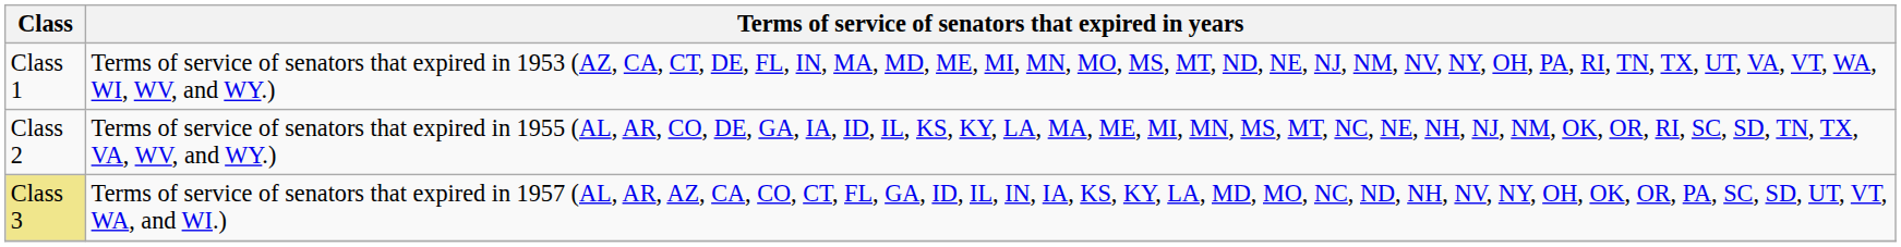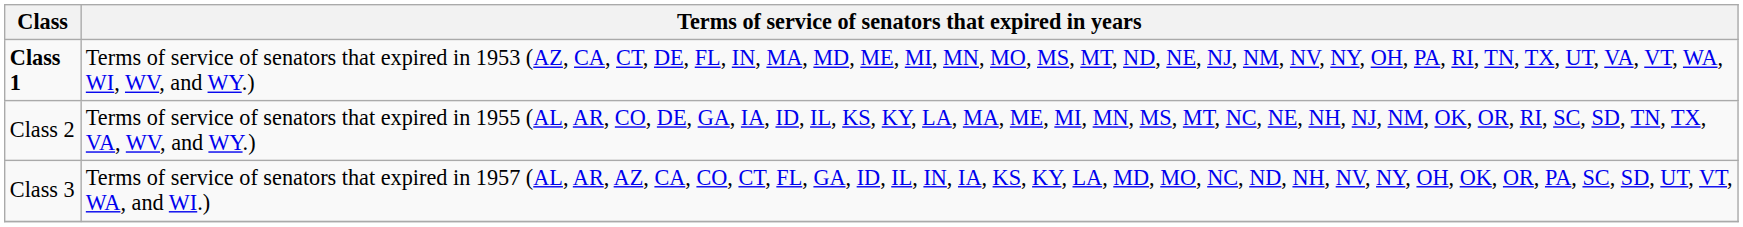 <table class="wikitable sortable">
 <tr valign=bottom>
 <th>Class</th>
 <th>Terms of service of senators that expired in years</th>
 </tr>
 <tr>
-<td>Class 1</td>
+<td><strong>Class 1</strong></td>
 <td>Terms of service of senators that expired in 1953 (<a href='#'>AZ</a>, <a href='#'>CA</a>, <a href='#'>CT</a>, <a href='#'>DE</a>, <a href='#'>FL</a>, <a href='#'>IN</a>, <a href='#'>MA</a>, <a href='#'>MD</a>, <a href='#'>ME</a>,  <a href='#'>MI</a>, <a href='#'>MN</a>, <a href='#'>MO</a>, <a href='#'>MS</a>, <a href='#'>MT</a>, <a href='#'>ND</a>, <a href='#'>NE</a>, <a href='#'>NJ</a>, <a href='#'>NM</a>, <a href='#'>NV</a>, <a href='#'>NY</a>, <a href='#'>OH</a>, <a href='#'>PA</a>, <a href='#'>RI</a>, <a href='#'>TN</a>, <a href='#'>TX</a>, <a href='#'>UT</a>, <a href='#'>VA</a>, <a href='#'>VT</a>, <a href='#'>WA</a>, <a href='#'>WI</a>, <a href='#'>WV</a>, and <a href='#'>WY</a>.)</td>
 </tr>
 <tr>
 <td>Class 2</td>
 <td>Terms of service of senators that expired in 1955 (<a href='#'>AL</a>, <a href='#'>AR</a>, <a href='#'>CO</a>, <a href='#'>DE</a>, <a href='#'>GA</a>, <a href='#'>IA</a>, <a href='#'>ID</a>, <a href='#'>IL</a>, <a href='#'>KS</a>, <a href='#'>KY</a>, <a href='#'>LA</a>, <a href='#'>MA</a>, <a href='#'>ME</a>, <a href='#'>MI</a>, <a href='#'>MN</a>, <a href='#'>MS</a>, <a href='#'>MT</a>, <a href='#'>NC</a>, <a href='#'>NE</a>, <a href='#'>NH</a>, <a href='#'>NJ</a>, <a href='#'>NM</a>, <a href='#'>OK</a>, <a href='#'>OR</a>, <a href='#'>RI</a>, <a href='#'>SC</a>, <a href='#'>SD</a>, <a href='#'>TN</a>, <a href='#'>TX</a>, <a href='#'>VA</a>, <a href='#'>WV</a>, and <a href='#'>WY</a>.)</td>
 </tr>
 <tr>
-<td style="background: khaki;">Class 3</td>
+<td>Class 3</td>
 <td>Terms of service of senators that expired in 1957 (<a href='#'>AL</a>, <a href='#'>AR</a>, <a href='#'>AZ</a>, <a href='#'>CA</a>, <a href='#'>CO</a>, <a href='#'>CT</a>, <a href='#'>FL</a>, <a href='#'>GA</a>, <a href='#'>ID</a>, <a href='#'>IL</a>, <a href='#'>IN</a>, <a href='#'>IA</a>, <a href='#'>KS</a>, <a href='#'>KY</a>, <a href='#'>LA</a>, <a href='#'>MD</a>, <a href='#'>MO</a>, <a href='#'>NC</a>, <a href='#'>ND</a>, <a href='#'>NH</a>, <a href='#'>NV</a>, <a href='#'>NY</a>, <a href='#'>OH</a>, <a href='#'>OK</a>, <a href='#'>OR</a>, <a href='#'>PA</a>, <a href='#'>SC</a>, <a href='#'>SD</a>, <a href='#'>UT</a>, <a href='#'>VT</a>, <a href='#'>WA</a>, and <a href='#'>WI</a>.)</td>
 </tr>
 <tr>
 </tr>
 </table>
